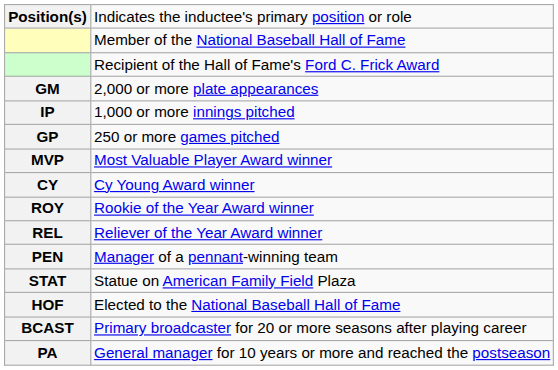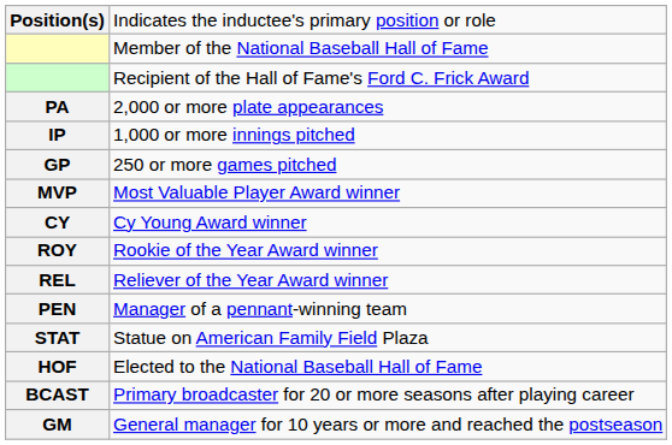 <table class="wikitable plainrowheaders" style="font-size:85%">
 <tr>
 <th scope="row" style="text-align:center"><strong>Position(s)</strong></th>
 <td>Indicates the inductee's primary <a href='#'>position</a> or role</td>
 </tr>
 <tr>
 <th scope="row" style="text-align:center; background:#FFFFBB"></th>
 <td>Member of the <a href='#'>National Baseball Hall of Fame</a></td>
 </tr>
 <tr>
 <th scope="row" style="text-align:center; background:#cfc;"></th>
 <td>Recipient of the Hall of Fame's <a href='#'>Ford C. Frick Award</a></td>
 </tr>
 <tr>
-<th scope="row" style="text-align:center">GM</th>
+<th scope="row" style="text-align:center">PA</th>
 <td>2,000 or more <a href='#'>plate appearances</a></td>
 </tr>
 <tr>
 <th scope="row" style="text-align:center">IP</th>
 <td>1,000 or more <a href='#'>innings pitched</a></td>
 </tr>
 <tr>
 <th scope="row" style="text-align:center">GP</th>
 <td>250 or more <a href='#'>games pitched</a></td>
 </tr>
 <tr>
 <th scope="row" style="text-align:center">MVP</th>
 <td><a href='#'>Most Valuable Player Award winner</a></td>
 </tr>
 <tr>
 <th scope="row" style="text-align:center">CY</th>
 <td><a href='#'>Cy Young Award winner</a></td>
 </tr>
 <tr>
 <th scope="row" style="text-align:center">ROY</th>
 <td><a href='#'>Rookie of the Year Award winner</a></td>
 </tr>
 <tr>
 <th scope="row" style="text-align:center">REL</th>
 <td><a href='#'>Reliever of the Year Award winner</a></td>
 </tr>
 <tr>
 <th scope="row" style="text-align:center">PEN</th>
 <td><a href='#'>Manager</a> of a <a href='#'>pennant</a>-winning team</td>
 </tr>
 <tr>
 <th scope="row" style="text-align:center">STAT</th>
 <td>Statue on <a href='#'>American Family Field</a> Plaza</td>
 </tr>
 <tr>
 <th scope="row" style="text-align:center">HOF</th>
 <td>Elected to the <a href='#'>National Baseball Hall of Fame</a></td>
 </tr>
 <tr>
 <th scope="row" style="text-align:center">BCAST</th>
 <td><a href='#'>Primary broadcaster</a> for 20 or more seasons after playing career</td>
 </tr>
 <tr>
-<th scope="row" style="text-align:center">PA</th>
+<th scope="row" style="text-align:center">GM</th>
 <td><a href='#'>General manager</a> for 10 years or more and reached the <a href='#'>postseason</a></td>
 </tr>
 </table>
